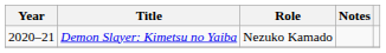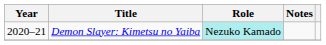 <table class="wikitable">
 <tr>
 <th>Year</th>
 <th>Title</th>
 <th>Role</th>
 <th>Notes</th>
 <th></th>
 </tr>
 <tr>
 <td>2020–21</td>
 <td><em><a href='#'>Demon Slayer: Kimetsu no Yaiba</a></em></td>
-<td>Nezuko Kamado</td>
+<td style="background: paleturquoise;">Nezuko Kamado</td>
 <td></td>
 <td></td>
 </tr>
 <tr>
 </tr>
 </table>
